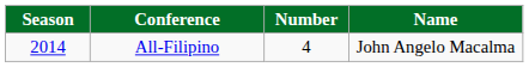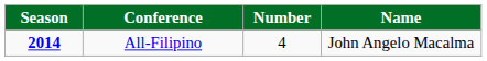 <table class="wikitable">
 <tr>
 <th width=70px style="background: #026f27; color: #FFFFFF"><strong>Season</strong></th>
 <th width=150px style="background: #026f27; color: #FFFFFF"><strong>Conference</strong></th>
 <th width=70px style="background: #026f27; color: #FFFFFF"><strong>Number </strong></th>
 <th width=150px style="background: #026f27; color: #FFFFFF;"><strong>Name</strong></th>
 </tr>
 <tr align="center">
-<td><a href='#'>2014</a></td>
+<td><strong><a href='#'>2014</a></strong></td>
 <td><a href='#'>All-Filipino</a></td>
 <td>4</td>
 <td> John Angelo Macalma</td>
 </tr>
 </table>
